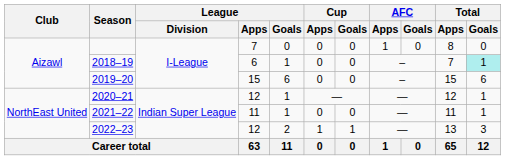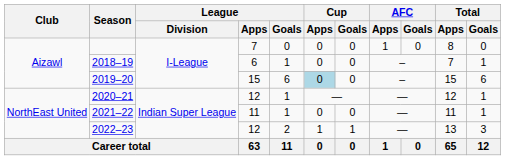 <table class="wikitable" style="text-align: center;">
 <tr>
 <th rowspan="2">Club</th>
 <th rowspan="2">Season</th>
 <th colspan="3">League</th>
 <th colspan="2">Cup</th>
 <th colspan="2"><a href='#'>AFC</a></th>
 <th colspan="2">Total</th>
 </tr>
 <tr>
 <th>Division</th>
 <th>Apps</th>
 <th>Goals</th>
 <th>Apps</th>
 <th>Goals</th>
 <th>Apps</th>
 <th>Goals</th>
 <th>Apps</th>
 <th>Goals</th>
 </tr>
 <tr>
 <td rowspan="3"><a href='#'>Aizawl</a></td>
 <td></td>
 <td rowspan="3"><a href='#'>I-League</a></td>
 <td>7</td>
 <td>0</td>
 <td>0</td>
 <td>0</td>
 <td>1</td>
 <td>0</td>
 <td>8</td>
 <td>0</td>
 </tr>
 <tr>
 <td><a href='#'>2018–19</a></td>
 <td>6</td>
 <td>1</td>
 <td>0</td>
 <td>0</td>
 <td colspan="2">–</td>
 <td>7</td>
-<td style="background: paleturquoise;">1</td>
+<td>1</td>
 </tr>
 <tr>
 <td><a href='#'>2019–20</a></td>
 <td>15</td>
 <td>6</td>
-<td>0</td>
+<td style="background: lightblue;">0</td>
 <td>0</td>
 <td colspan="2">–</td>
 <td>15</td>
 <td>6</td>
 </tr>
 <tr>
 <td rowspan="3"><a href='#'>NorthEast United</a></td>
 <td><a href='#'>2020–21</a></td>
 <td rowspan="3"><a href='#'>Indian Super League</a></td>
 <td>12</td>
 <td>1</td>
 <td colspan="2">—</td>
 <td colspan="2">—</td>
 <td>12</td>
 <td>1</td>
 </tr>
 <tr>
 <td><a href='#'>2021–22</a></td>
 <td>11</td>
 <td>1</td>
 <td>0</td>
 <td>0</td>
 <td colspan="2">—</td>
 <td>11</td>
 <td>1</td>
 </tr>
 <tr>
 <td><a href='#'>2022–23</a></td>
 <td>12</td>
 <td>2</td>
 <td>1</td>
 <td>1</td>
 <td colspan="2">—</td>
 <td>13</td>
 <td>3</td>
 </tr>
 <tr>
 <th colspan="3">Career total</th>
 <th>63</th>
 <th>11</th>
 <th>0</th>
 <th>0</th>
 <th>1</th>
 <th>0</th>
 <th>65</th>
 <th>12</th>
 </tr>
 </table>
